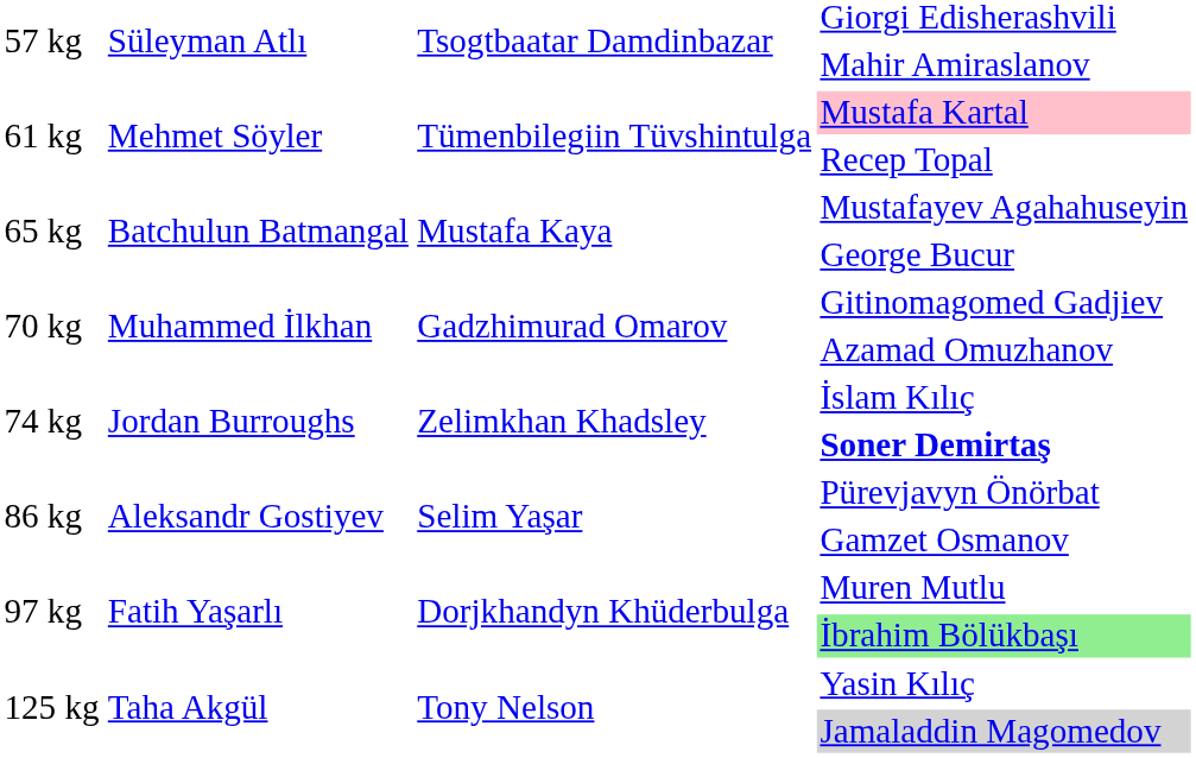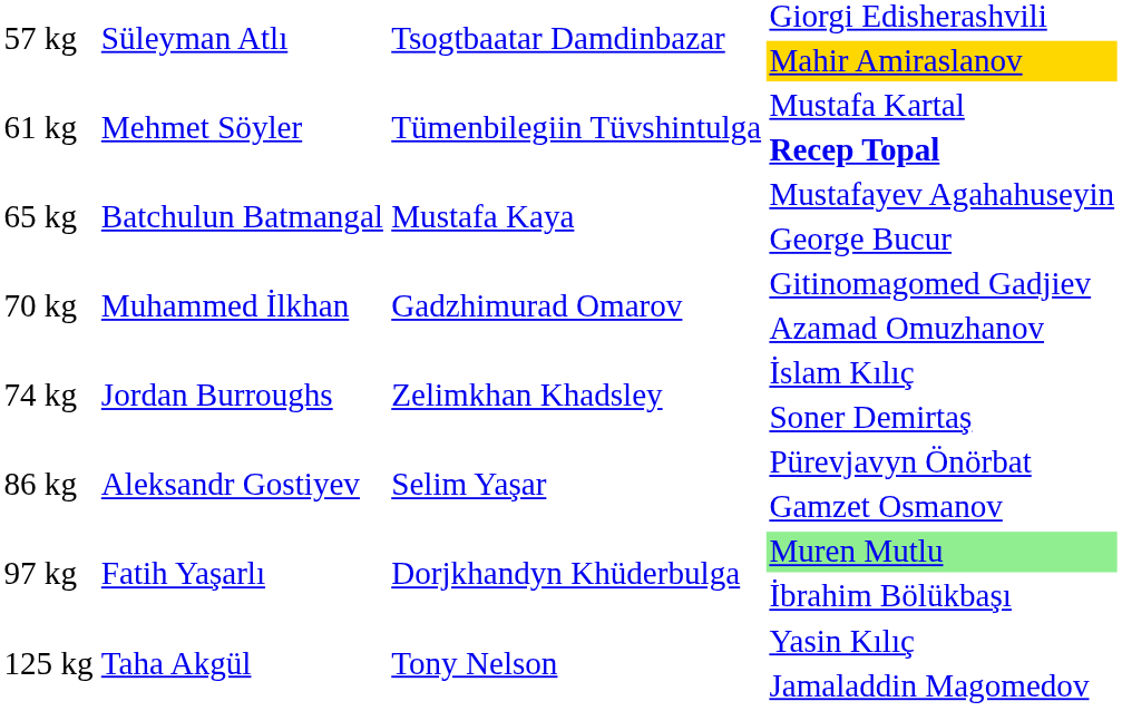 <table>
 <tr>
 <td rowspan=2>57 kg</td>
 <td rowspan=2> <a href='#'>Süleyman Atlı</a></td>
 <td rowspan=2> <a href='#'>Tsogtbaatar Damdinbazar</a></td>
 <td> <a href='#'>Giorgi Edisherashvili</a></td>
 </tr>
 <tr>
-<td> <a href='#'>Mahir Amiraslanov</a></td>
+<td style="background: gold;"> <a href='#'>Mahir Amiraslanov</a></td>
 </tr>
 <tr>
 <td rowspan=2>61 kg</td>
 <td rowspan=2> <a href='#'>Mehmet Söyler</a></td>
 <td rowspan=2> <a href='#'>Tümenbilegiin Tüvshintulga</a></td>
-<td style="background: pink;"> <a href='#'>Mustafa Kartal</a></td>
+<td> <a href='#'>Mustafa Kartal</a></td>
 </tr>
 <tr>
-<td> <a href='#'>Recep Topal</a></td>
+<td><strong> <a href='#'>Recep Topal</a></strong></td>
 </tr>
 <tr>
 <td rowspan=2>65 kg</td>
 <td rowspan=2> <a href='#'>Batchulun Batmangal</a></td>
 <td rowspan=2> <a href='#'>Mustafa Kaya</a></td>
 <td> <a href='#'>Mustafayev Agahahuseyin</a></td>
 </tr>
 <tr>
 <td> <a href='#'>George Bucur</a></td>
 </tr>
 <tr>
 <td rowspan=2>70 kg</td>
 <td rowspan=2> <a href='#'>Muhammed İlkhan</a></td>
 <td rowspan=2> <a href='#'>Gadzhimurad Omarov</a></td>
 <td> <a href='#'>Gitinomagomed Gadjiev</a></td>
 </tr>
 <tr>
 <td> <a href='#'>Azamad Omuzhanov</a></td>
 </tr>
 <tr>
 <td rowspan=2>74 kg</td>
 <td rowspan=2> <a href='#'>Jordan Burroughs</a></td>
 <td rowspan=2> <a href='#'>Zelimkhan Khadsley</a></td>
 <td> <a href='#'>İslam Kılıç</a></td>
 </tr>
 <tr>
-<td><strong> <a href='#'>Soner Demirtaş</a></strong></td>
+<td> <a href='#'>Soner Demirtaş</a></td>
 </tr>
 <tr>
 <td rowspan=2>86 kg</td>
 <td rowspan=2> <a href='#'>Aleksandr Gostiyev</a></td>
 <td rowspan=2> <a href='#'>Selim Yaşar</a></td>
 <td> <a href='#'>Pürevjavyn Önörbat</a></td>
 </tr>
 <tr>
 <td> <a href='#'>Gamzet Osmanov</a></td>
 </tr>
 <tr>
 <td rowspan=2>97 kg</td>
 <td rowspan=2> <a href='#'>Fatih Yaşarlı</a></td>
 <td rowspan=2> <a href='#'>Dorjkhandyn Khüderbulga</a></td>
-<td> <a href='#'>Muren Mutlu</a></td>
+<td style="background: lightgreen;"> <a href='#'>Muren Mutlu</a></td>
 </tr>
 <tr>
-<td style="background: lightgreen;"> <a href='#'>İbrahim Bölükbaşı</a></td>
+<td> <a href='#'>İbrahim Bölükbaşı</a></td>
 </tr>
 <tr>
 <td rowspan=2>125 kg</td>
 <td rowspan=2> <a href='#'>Taha Akgül</a></td>
 <td rowspan=2> <a href='#'>Tony Nelson</a></td>
 <td> <a href='#'>Yasin Kılıç</a></td>
 </tr>
 <tr>
-<td style="background: lightgrey;"> <a href='#'>Jamaladdin Magomedov</a></td>
+<td> <a href='#'>Jamaladdin Magomedov</a></td>
 </tr>
 <tr>
 </tr>
 </table>
